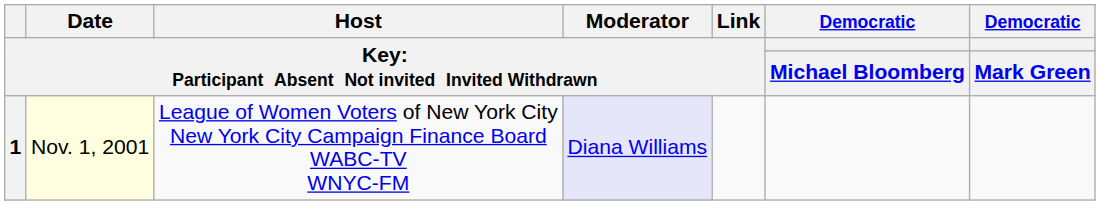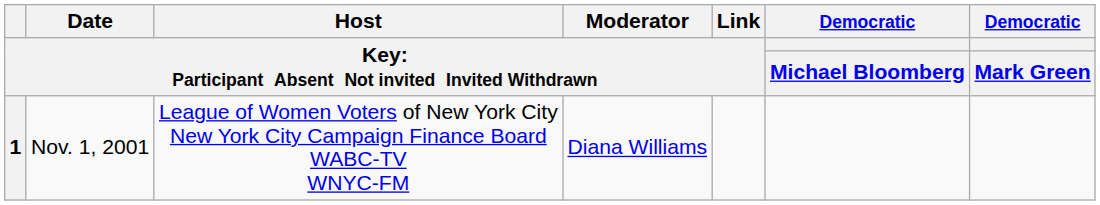 <table class="wikitable" style="text-align:center;">
 <tr>
 <th scope="col"></th>
 <th scope="col">Date</th>
 <th scope="col">Host</th>
 <th scope="col">Moderator</th>
 <th scope="col">Link</th>
 <th scope="col"><small><a href='#'>Democratic</a></small></th>
 <th scope="col"><small><a href='#'>Democratic</a></small></th>
 </tr>
 <tr>
 <th colspan="5" rowspan="2">Key:<br> <small>Participant </small>  <small>Absent </small>  <small>Not invited </small>  <small>Invited  Withdrawn</small></th>
 <th scope="col" style="background:"></th>
 <th scope="col" style="background:"></th>
 </tr>
 <tr>
 <th scope="col"><a href='#'>Michael Bloomberg</a></th>
 <th scope="col"><a href='#'>Mark Green</a></th>
 </tr>
 <tr>
 <th>1</th>
-<td style="background: lightyellow; white-space:nowrap;">Nov. 1, 2001</td>
+<td style="white-space:nowrap;">Nov. 1, 2001</td>
 <td style="white-space:nowrap;"><a href='#'>League of Women Voters</a> of New York City<br><a href='#'>New York City Campaign Finance Board</a><br><a href='#'>WABC-TV</a><br><a href='#'>WNYC-FM</a></td>
-<td style="background: lavender; white-space:nowrap;"><a href='#'>Diana Williams</a></td>
+<td style="white-space:nowrap;"><a href='#'>Diana Williams</a></td>
 <td style="white-space:nowrap;"></td>
 <td></td>
 <td></td>
 </tr>
 </table>
